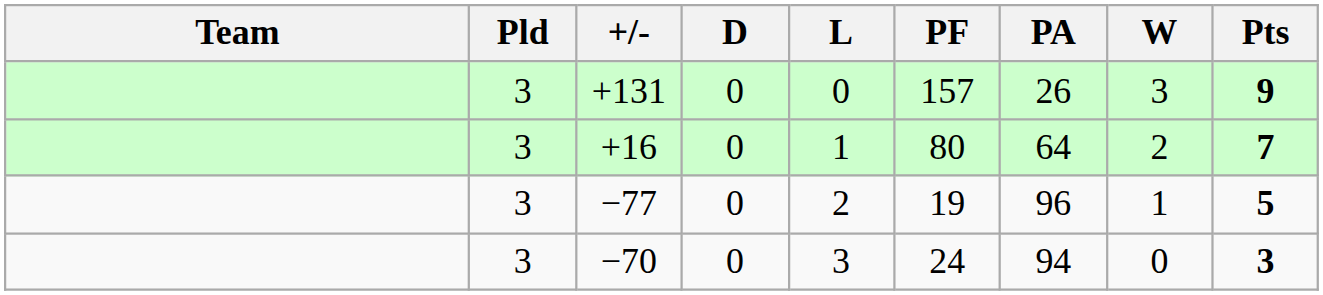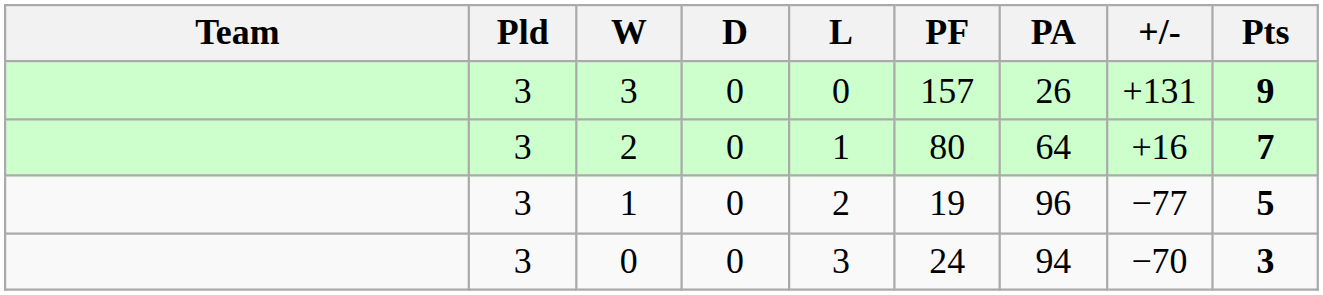 <table class="wikitable" style="text-align: center;">
 <tr>
 <th width="200">Team</th>
 <th width="40">Pld</th>
-<th width="40">+/-</th>
+<th width="40">W</th>
 <th width="40">D</th>
 <th width="40">L</th>
 <th width="40">PF</th>
 <th width="40">PA</th>
-<th width="40">W</th>
+<th width="40">+/-</th>
 <th width="40">Pts</th>
 </tr>
 <tr bgcolor=ccffcc>
 <td align=left></td>
 <td>3</td>
-<td>+131</td>
+<td>3</td>
 <td>0</td>
 <td>0</td>
 <td>157</td>
 <td>26</td>
-<td>3</td>
+<td>+131</td>
 <td><strong>9</strong></td>
 </tr>
 <tr bgcolor=ccffcc>
 <td align=left></td>
 <td>3</td>
-<td>+16</td>
+<td>2</td>
 <td>0</td>
 <td>1</td>
 <td>80</td>
 <td>64</td>
-<td>2</td>
+<td>+16</td>
 <td><strong>7</strong></td>
 </tr>
 <tr>
 <td align=left></td>
 <td>3</td>
-<td>−77</td>
+<td>1</td>
 <td>0</td>
 <td>2</td>
 <td>19</td>
 <td>96</td>
-<td>1</td>
+<td>−77</td>
 <td><strong>5</strong></td>
 </tr>
 <tr>
 <td align=left></td>
 <td>3</td>
-<td>−70</td>
+<td>0</td>
 <td>0</td>
 <td>3</td>
 <td>24</td>
 <td>94</td>
-<td>0</td>
+<td>−70</td>
 <td><strong>3</strong></td>
 </tr>
 </table>
